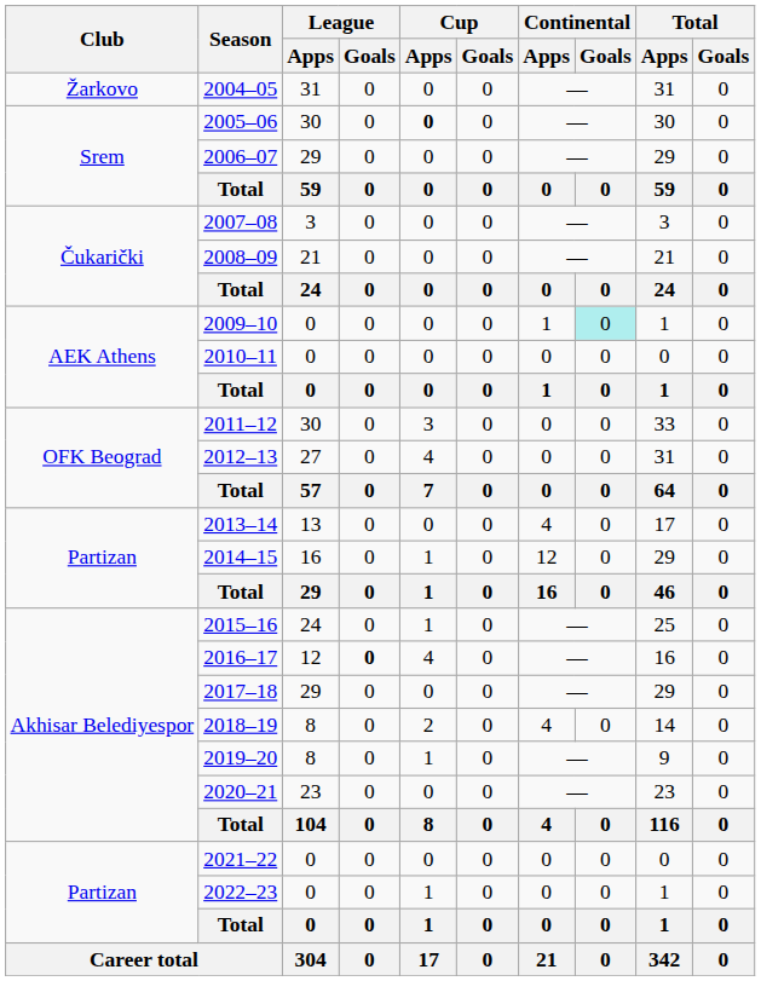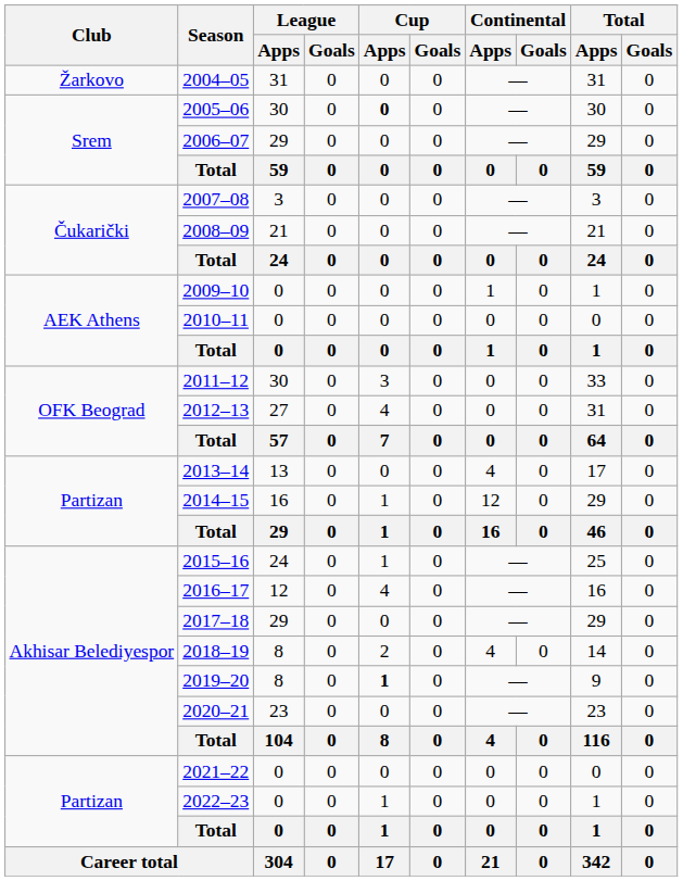 <table class="wikitable" style="text-align:center">
 <tr>
 <th rowspan="2">Club</th>
 <th rowspan="2">Season</th>
 <th colspan="2">League</th>
 <th colspan="2">Cup</th>
 <th colspan="2">Continental</th>
 <th colspan="2">Total</th>
 </tr>
 <tr>
 <th>Apps</th>
 <th>Goals</th>
 <th>Apps</th>
 <th>Goals</th>
 <th>Apps</th>
 <th>Goals</th>
 <th>Apps</th>
 <th>Goals</th>
 </tr>
 <tr>
 <td rowspan="1"><a href='#'>Žarkovo</a></td>
 <td><a href='#'>2004–05</a></td>
 <td>31</td>
 <td>0</td>
 <td>0</td>
 <td>0</td>
 <td colspan="2">—</td>
 <td>31</td>
 <td>0</td>
 </tr>
 <tr>
 <td rowspan="3"><a href='#'>Srem</a></td>
 <td><a href='#'>2005–06</a></td>
 <td>30</td>
 <td>0</td>
 <td><strong>0</strong></td>
 <td>0</td>
 <td colspan="2">—</td>
 <td>30</td>
 <td>0</td>
 </tr>
 <tr>
 <td><a href='#'>2006–07</a></td>
 <td>29</td>
 <td>0</td>
 <td>0</td>
 <td>0</td>
 <td colspan="2">—</td>
 <td>29</td>
 <td>0</td>
 </tr>
 <tr>
 <th>Total</th>
 <th>59</th>
 <th>0</th>
 <th>0</th>
 <th>0</th>
 <th>0</th>
 <th>0</th>
 <th>59</th>
 <th>0</th>
 </tr>
 <tr>
 <td rowspan="3"><a href='#'>Čukarički</a></td>
 <td><a href='#'>2007–08</a></td>
 <td>3</td>
 <td>0</td>
 <td>0</td>
 <td>0</td>
 <td colspan="2">—</td>
 <td>3</td>
 <td>0</td>
 </tr>
 <tr>
 <td><a href='#'>2008–09</a></td>
 <td>21</td>
 <td>0</td>
 <td>0</td>
 <td>0</td>
 <td colspan="2">—</td>
 <td>21</td>
 <td>0</td>
 </tr>
 <tr>
 <th>Total</th>
 <th>24</th>
 <th>0</th>
 <th>0</th>
 <th>0</th>
 <th>0</th>
 <th>0</th>
 <th>24</th>
 <th>0</th>
 </tr>
 <tr>
 <td rowspan="3"><a href='#'>AEK Athens</a></td>
 <td><a href='#'>2009–10</a></td>
 <td>0</td>
 <td>0</td>
 <td>0</td>
 <td>0</td>
 <td>1</td>
-<td style="background: paleturquoise;">0</td>
+<td>0</td>
 <td>1</td>
 <td>0</td>
 </tr>
 <tr>
 <td><a href='#'>2010–11</a></td>
 <td>0</td>
 <td>0</td>
 <td>0</td>
 <td>0</td>
 <td>0</td>
 <td>0</td>
 <td>0</td>
 <td>0</td>
 </tr>
 <tr>
 <th>Total</th>
 <th>0</th>
 <th>0</th>
 <th>0</th>
 <th>0</th>
 <th>1</th>
 <th>0</th>
 <th>1</th>
 <th>0</th>
 </tr>
 <tr>
 <td rowspan="3"><a href='#'>OFK Beograd</a></td>
 <td><a href='#'>2011–12</a></td>
 <td>30</td>
 <td>0</td>
 <td>3</td>
 <td>0</td>
 <td>0</td>
 <td>0</td>
 <td>33</td>
 <td>0</td>
 </tr>
 <tr>
 <td><a href='#'>2012–13</a></td>
 <td>27</td>
 <td>0</td>
 <td>4</td>
 <td>0</td>
 <td>0</td>
 <td>0</td>
 <td>31</td>
 <td>0</td>
 </tr>
 <tr>
 <th>Total</th>
 <th>57</th>
 <th>0</th>
 <th>7</th>
 <th>0</th>
 <th>0</th>
 <th>0</th>
 <th>64</th>
 <th>0</th>
 </tr>
 <tr>
 <td rowspan="3"><a href='#'>Partizan</a></td>
 <td><a href='#'>2013–14</a></td>
 <td>13</td>
 <td>0</td>
 <td>0</td>
 <td>0</td>
 <td>4</td>
 <td>0</td>
 <td>17</td>
 <td>0</td>
 </tr>
 <tr>
 <td><a href='#'>2014–15</a></td>
 <td>16</td>
 <td>0</td>
 <td>1</td>
 <td>0</td>
 <td>12</td>
 <td>0</td>
 <td>29</td>
 <td>0</td>
 </tr>
 <tr>
 <th>Total</th>
 <th>29</th>
 <th>0</th>
 <th>1</th>
 <th>0</th>
 <th>16</th>
 <th>0</th>
 <th>46</th>
 <th>0</th>
 </tr>
 <tr>
 <td rowspan="7"><a href='#'>Akhisar Belediyespor</a></td>
 <td><a href='#'>2015–16</a></td>
 <td>24</td>
 <td>0</td>
 <td>1</td>
 <td>0</td>
 <td colspan="2">—</td>
 <td>25</td>
 <td>0</td>
 </tr>
 <tr>
 <td><a href='#'>2016–17</a></td>
 <td>12</td>
-<td><strong>0</strong></td>
+<td>0</td>
 <td>4</td>
 <td>0</td>
 <td colspan="2">—</td>
 <td>16</td>
 <td>0</td>
 </tr>
 <tr>
 <td><a href='#'>2017–18</a></td>
 <td>29</td>
 <td>0</td>
 <td>0</td>
 <td>0</td>
 <td colspan="2">—</td>
 <td>29</td>
 <td>0</td>
 </tr>
 <tr>
 <td><a href='#'>2018–19</a></td>
 <td>8</td>
 <td>0</td>
 <td>2</td>
 <td>0</td>
 <td>4</td>
 <td>0</td>
 <td>14</td>
 <td>0</td>
 </tr>
 <tr>
 <td><a href='#'>2019–20</a></td>
 <td>8</td>
 <td>0</td>
-<td>1</td>
+<td><strong>1</strong></td>
 <td>0</td>
 <td colspan="2">—</td>
 <td>9</td>
 <td>0</td>
 </tr>
 <tr>
 <td><a href='#'>2020–21</a></td>
 <td>23</td>
 <td>0</td>
 <td>0</td>
 <td>0</td>
 <td colspan="2">—</td>
 <td>23</td>
 <td>0</td>
 </tr>
 <tr>
 <th>Total</th>
 <th>104</th>
 <th>0</th>
 <th>8</th>
 <th>0</th>
 <th>4</th>
 <th>0</th>
 <th>116</th>
 <th>0</th>
 </tr>
 <tr>
 <td rowspan="3"><a href='#'>Partizan</a></td>
 <td><a href='#'>2021–22</a></td>
 <td>0</td>
 <td>0</td>
 <td>0</td>
 <td>0</td>
 <td>0</td>
 <td>0</td>
 <td>0</td>
 <td>0</td>
 </tr>
 <tr>
 <td><a href='#'>2022–23</a></td>
 <td>0</td>
 <td>0</td>
 <td>1</td>
 <td>0</td>
 <td>0</td>
 <td>0</td>
 <td>1</td>
 <td>0</td>
 </tr>
 <tr>
 <th>Total</th>
 <th>0</th>
 <th>0</th>
 <th>1</th>
 <th>0</th>
 <th>0</th>
 <th>0</th>
 <th>1</th>
 <th>0</th>
 </tr>
 <tr>
 <th colspan="2">Career total</th>
 <th>304</th>
 <th>0</th>
 <th>17</th>
 <th>0</th>
 <th>21</th>
 <th>0</th>
 <th>342</th>
 <th>0</th>
 </tr>
 </table>
